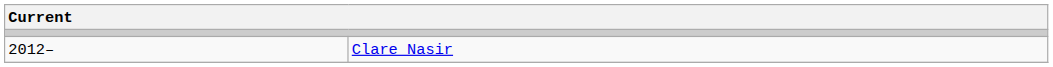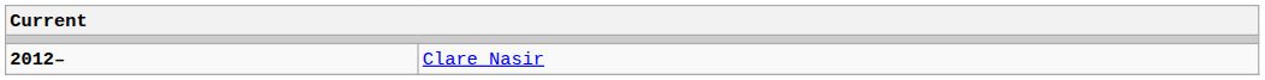 <table class="wikitable collapsible collapsed" style="width:70%;">
 <tr>
 <th colspan="3" style="text-align:left;">Current</th>
 </tr>
 <tr style="background:#ccc;">
 <td colspan="2"></td>
 </tr>
 <tr>
-<td>2012–</td>
+<td><strong>2012–</strong></td>
 <td><a href='#'>Clare Nasir</a></td>
 </tr>
 <tr>
 </tr>
 </table>
